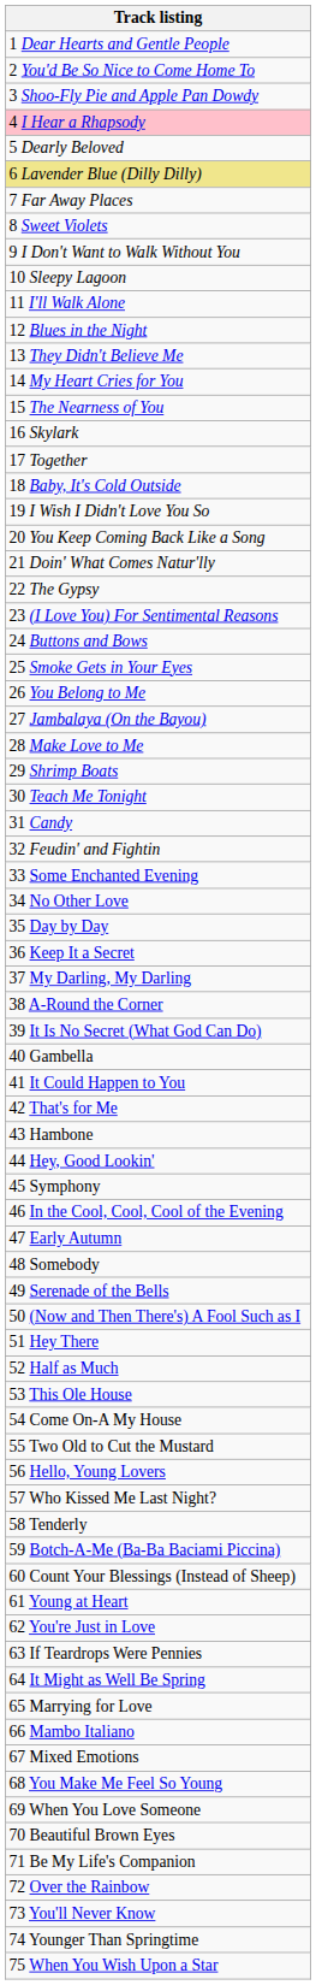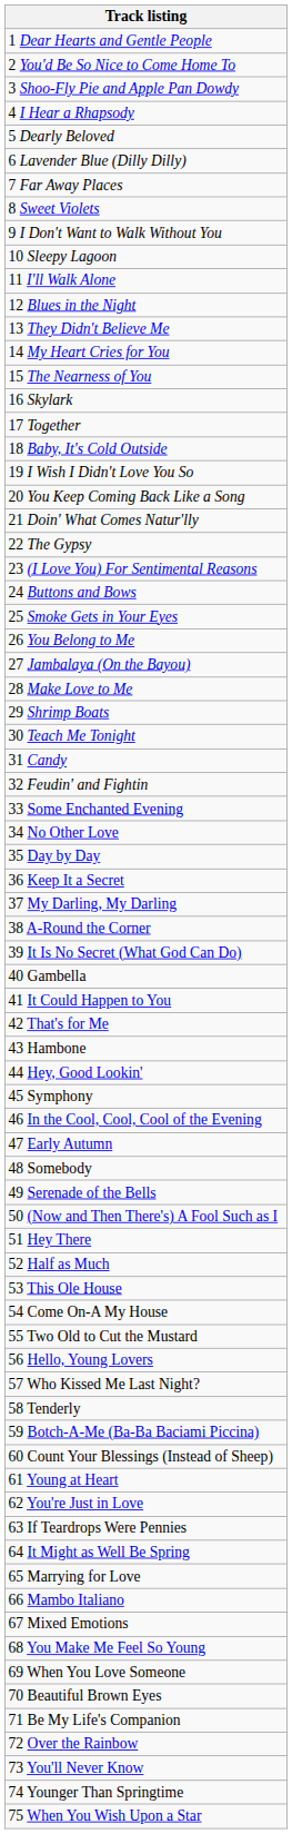 <table class="wikitable collapsible collapsed" style="width:300px;">
 <tr>
 <th>Track listing</th>
 </tr>
 <tr>
 <td>1 <em><a href='#'>Dear Hearts and Gentle People</a></em></td>
 </tr>
 <tr>
 <td>2 <em><a href='#'>You'd Be So Nice to Come Home To</a></em></td>
 </tr>
 <tr>
 <td>3 <em><a href='#'>Shoo-Fly Pie and Apple Pan Dowdy</a></em></td>
 </tr>
 <tr>
-<td style="background: pink;">4 <em><a href='#'>I Hear a Rhapsody</a></em></td>
+<td>4 <em><a href='#'>I Hear a Rhapsody</a></em></td>
 </tr>
 <tr>
 <td>5 <em>Dearly Beloved</em></td>
 </tr>
 <tr>
-<td style="background: khaki;">6 <em>Lavender Blue (Dilly Dilly)</em></td>
+<td>6 <em>Lavender Blue (Dilly Dilly)</em></td>
 </tr>
 <tr>
 <td>7 <em>Far Away Places</em></td>
 </tr>
 <tr>
 <td>8 <em><a href='#'>Sweet Violets</a></em></td>
 </tr>
 <tr>
 <td>9 <em>I Don't Want to Walk Without You</em></td>
 </tr>
 <tr>
 <td>10 <em>Sleepy Lagoon</em></td>
 </tr>
 <tr>
 <td>11 <em><a href='#'>I'll Walk Alone</a></em></td>
 </tr>
 <tr>
 <td>12 <em><a href='#'>Blues in the Night</a></em></td>
 </tr>
 <tr>
 <td>13 <em><a href='#'>They Didn't Believe Me</a></em></td>
 </tr>
 <tr>
 <td>14 <em><a href='#'>My Heart Cries for You</a></em></td>
 </tr>
 <tr>
 <td>15 <em><a href='#'>The Nearness of You</a></em></td>
 </tr>
 <tr>
 <td>16 <em>Skylark</em></td>
 </tr>
 <tr>
 <td>17 <em>Together</em></td>
 </tr>
 <tr>
 <td>18 <em><a href='#'>Baby, It's Cold Outside</a></em></td>
 </tr>
 <tr>
 <td>19 <em>I Wish I Didn't Love You So</em></td>
 </tr>
 <tr>
 <td>20 <em>You Keep Coming Back Like a Song</em></td>
 </tr>
 <tr>
 <td>21 <em>Doin' What Comes Natur'lly</em></td>
 </tr>
 <tr>
 <td>22 <em>The Gypsy</em></td>
 </tr>
 <tr>
 <td>23 <em><a href='#'>(I Love You) For Sentimental Reasons</a></em></td>
 </tr>
 <tr>
 <td>24 <em><a href='#'>Buttons and Bows</a></em></td>
 </tr>
 <tr>
 <td>25 <em><a href='#'>Smoke Gets in Your Eyes</a></em></td>
 </tr>
 <tr>
 <td>26 <em><a href='#'>You Belong to Me</a></em></td>
 </tr>
 <tr>
 <td>27 <em><a href='#'>Jambalaya (On the Bayou)</a></em></td>
 </tr>
 <tr>
 <td>28 <em><a href='#'>Make Love to Me</a></em></td>
 </tr>
 <tr>
 <td>29 <em><a href='#'>Shrimp Boats</a></em></td>
 </tr>
 <tr>
 <td>30 <em><a href='#'>Teach Me Tonight</a></em></td>
 </tr>
 <tr>
 <td>31 <em><a href='#'>Candy</a></em></td>
 </tr>
 <tr>
 <td>32 <em>Feudin' and Fightin<strong></td>
 </tr>
 <tr>
 <td>33 </em><a href='#'>Some Enchanted Evening</a><em></td>
 </tr>
 <tr>
 <td>34 </em><a href='#'>No Other Love</a><em></td>
 </tr>
 <tr>
 <td>35 </em><a href='#'>Day by Day</a><em></td>
 </tr>
 <tr>
 <td>36 </em><a href='#'>Keep It a Secret</a><em></td>
 </tr>
 <tr>
 <td>37 </em><a href='#'>My Darling, My Darling</a><em></td>
 </tr>
 <tr>
 <td>38 </em><a href='#'>A-Round the Corner</a><em></td>
 </tr>
 <tr>
 <td>39 <a href='#'>It Is No Secret (What God Can Do)</a></td>
 </tr>
 <tr>
 <td>40 </em>Gambella<em></td>
 </tr>
 <tr>
 <td>41 </em><a href='#'>It Could Happen to You</a><em></td>
 </tr>
 <tr>
 <td>42 </em><a href='#'>That's for Me</a><em></td>
 </tr>
 <tr>
 <td>43 </em>Hambone<em></td>
 </tr>
 <tr>
 <td>44 </em><a href='#'>Hey, Good Lookin'</a><em></td>
 </tr>
 <tr>
 <td>45 </em>Symphony<em></td>
 </tr>
 <tr>
 <td>46 </em><a href='#'>In the Cool, Cool, Cool of the Evening</a><em></td>
 </tr>
 <tr>
 <td>47 </em><a href='#'>Early Autumn</a><em></td>
 </tr>
 <tr>
 <td>48 </em>Somebody<em></td>
 </tr>
 <tr>
 <td>49 </em><a href='#'>Serenade of the Bells</a><em></td>
 </tr>
 <tr>
 <td>50 </em><a href='#'>(Now and Then There's) A Fool Such as I</a><em></td>
 </tr>
 <tr>
 <td>51 </em><a href='#'>Hey There</a><em></td>
 </tr>
 <tr>
 <td>52 </em><a href='#'>Half as Much</a><em></td>
 </tr>
 <tr>
 <td>53 </em><a href='#'>This Ole House</a><em></td>
 </tr>
 <tr>
 <td>54 </em>Come On-A My House<em></td>
 </tr>
 <tr>
 <td>55 </em>Two Old to Cut the Mustard<em></td>
 </tr>
 <tr>
 <td>56 </em><a href='#'>Hello, Young Lovers</a><em></td>
 </tr>
 <tr>
 <td>57 </em>Who Kissed Me Last Night?<em></td>
 </tr>
 <tr>
 <td>58 </em>Tenderly<em></td>
 </tr>
 <tr>
 <td>59 </em><a href='#'>Botch-A-Me (Ba-Ba Baciami Piccina)</a><em></td>
 </tr>
 <tr>
 <td>60 </em>Count Your Blessings (Instead of Sheep)<em></td>
 </tr>
 <tr>
 <td>61 </em><a href='#'>Young at Heart</a><em></td>
 </tr>
 <tr>
 <td>62 </em><a href='#'>You're Just in Love</a><em></td>
 </tr>
 <tr>
 <td>63 </em>If Teardrops Were Pennies<em></td>
 </tr>
 <tr>
 <td>64 </em><a href='#'>It Might as Well Be Spring</a><em></td>
 </tr>
 <tr>
 <td>65 </em>Marrying for Love<em></td>
 </tr>
 <tr>
 <td>66 </em><a href='#'>Mambo Italiano</a><em></td>
 </tr>
 <tr>
 <td>67 </em>Mixed Emotions<em></td>
 </tr>
 <tr>
 <td>68 </em><a href='#'>You Make Me Feel So Young</a><em></td>
 </tr>
 <tr>
 <td>69 </em>When You Love Someone<em></td>
 </tr>
 <tr>
 <td>70 </em>Beautiful Brown Eyes<em></td>
 </tr>
 <tr>
 <td>71 </em>Be My Life's Companion<em></td>
 </tr>
 <tr>
 <td>72 </em><a href='#'>Over the Rainbow</a><em></td>
 </tr>
 <tr>
 <td>73 </em><a href='#'>You'll Never Know</a><em></td>
 </tr>
 <tr>
 <td>74 </em>Younger Than Springtime<em></td>
 </tr>
 <tr>
 <td>75 </em><a href='#'>When You Wish Upon a Star</a><em></td>
 </tr>
 </table>
